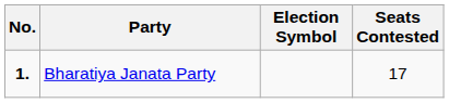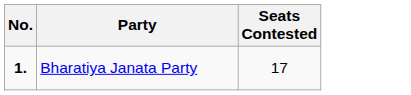 <table class="wikitable">
 <tr>
 <th scope="col" style="width:4px;">No.</th>
 <th scope="col" style="width:200px;">Party</th>
-<th scope="col" style="width:80px;">Election Symbol</th>
 <th scope="col" style="width:60px;">Seats Contested</th>
 </tr>
 <tr style="height: 45px;">
 <td style="text-align:center; background:"><strong>1.</strong></td>
 <td><a href='#'>Bharatiya Janata Party</a></td>
-<td style="text-align:center;"></td>
 <td style="text-align:center;">17</td>
 </tr>
 </table>
